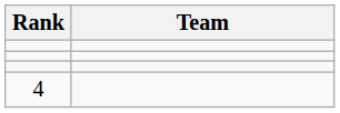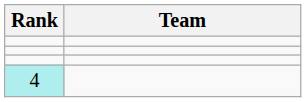 <table class="wikitable" style="text-align:center;">
 <tr>
 <th width=40>Rank</th>
 <th width=180>Team</th>
 </tr>
 <tr>
 <td></td>
 <td align=left></td>
 </tr>
 <tr>
 <td></td>
 <td align=left></td>
 </tr>
 <tr>
 <td></td>
 <td align=left></td>
 </tr>
 <tr>
-<td>4</td>
+<td style="background: paleturquoise;">4</td>
 <td align=left></td>
 </tr>
 </table>
